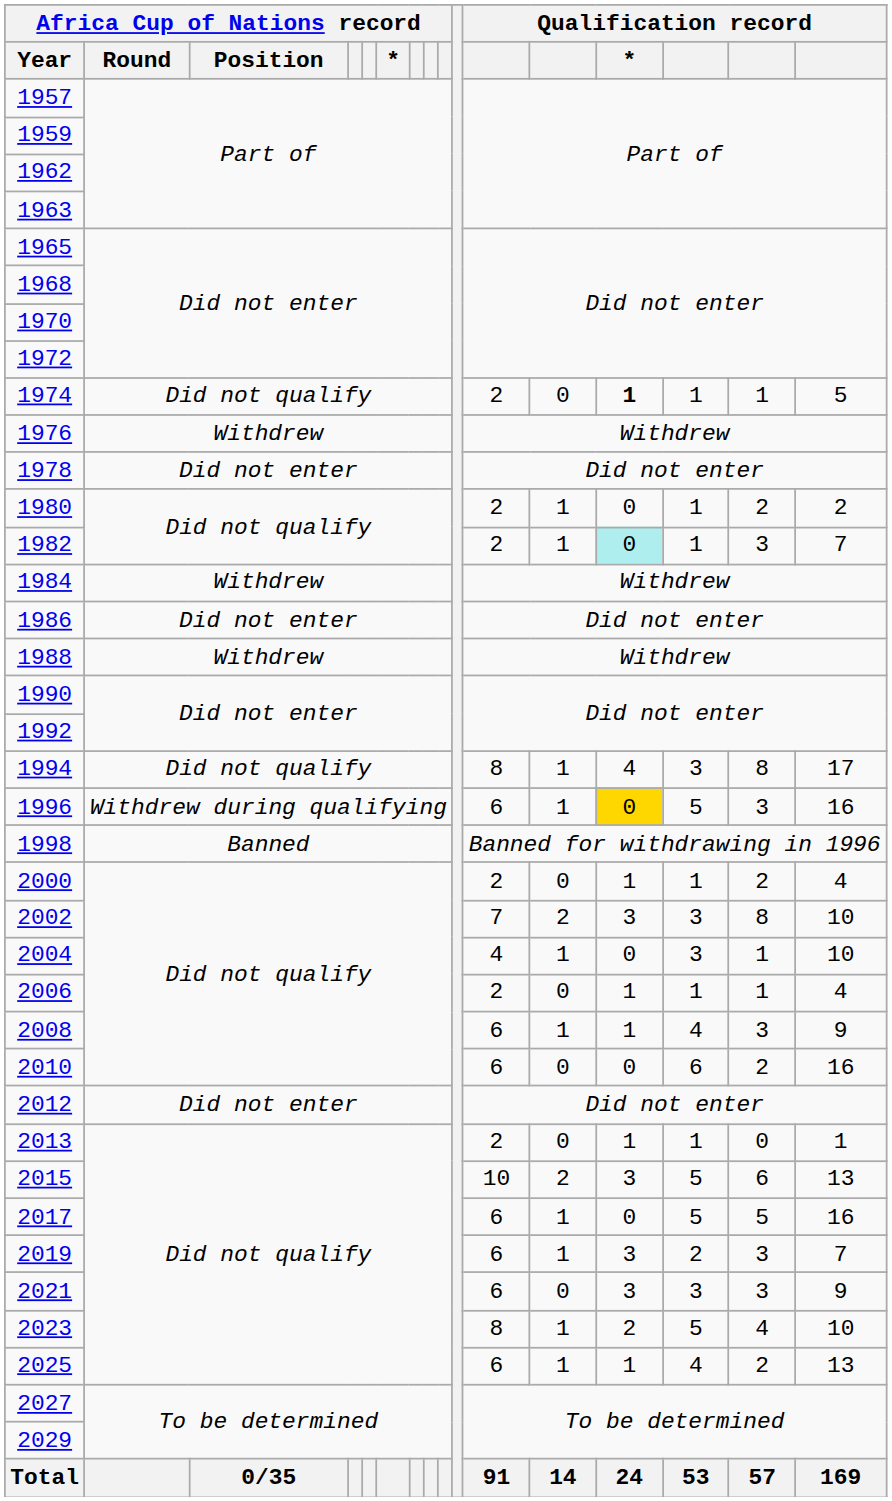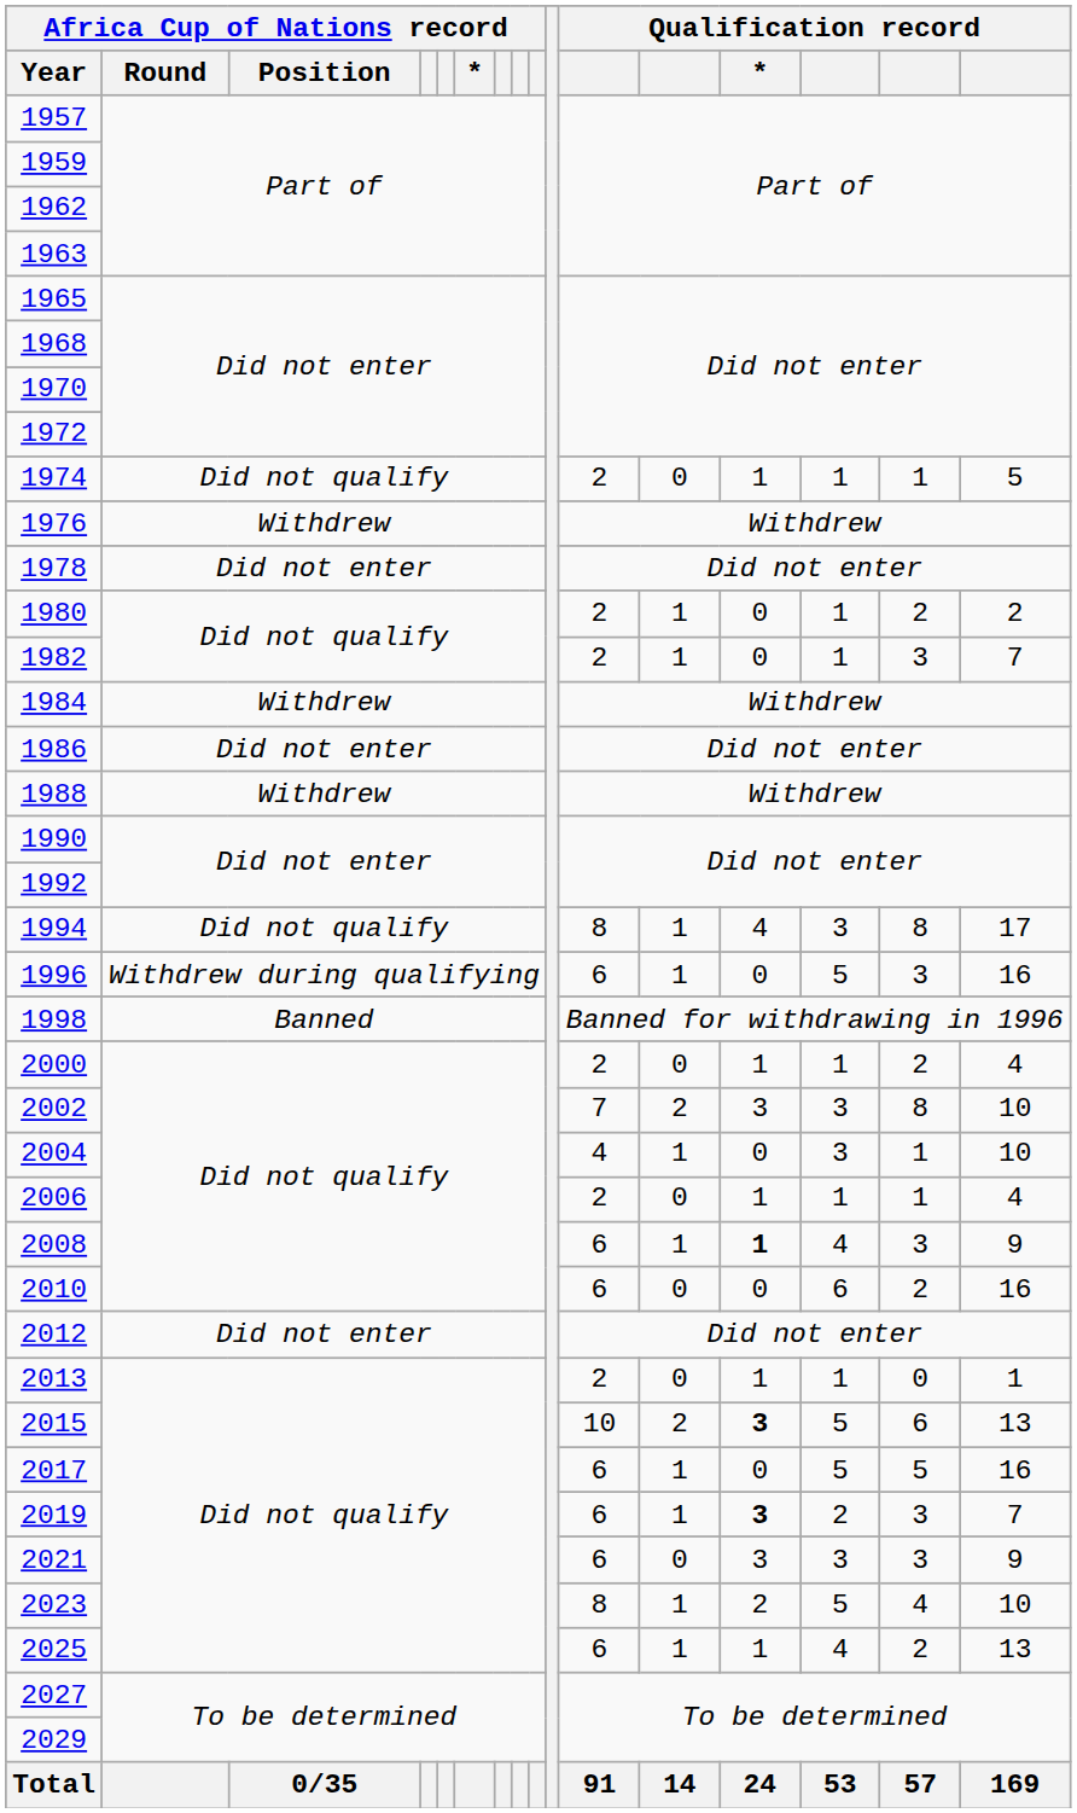 <table class="wikitable" style="text-align: center;">
 <tr>
 <th colspan=9><a href='#'>Africa Cup of Nations</a> record</th>
 <th rowspan="41"></th>
 <th colspan=6>Qualification record</th>
 </tr>
 <tr>
 <th>Year</th>
 <th>Round</th>
 <th>Position</th>
 <th></th>
 <th></th>
 <th>*</th>
 <th></th>
 <th></th>
 <th></th>
 <th></th>
 <th></th>
 <th>*</th>
 <th></th>
 <th></th>
 <th></th>
 </tr>
 <tr>
 <td> <a href='#'>1957</a></td>
 <td colspan=8 rowspan=4><em>Part of </em></td>
 <td colspan=6 rowspan=4><em>Part of </em></td>
 </tr>
 <tr>
 <td> <a href='#'>1959</a></td>
 </tr>
 <tr>
 <td> <a href='#'>1962</a></td>
 </tr>
 <tr>
 <td> <a href='#'>1963</a></td>
 </tr>
 <tr>
 <td> <a href='#'>1965</a></td>
 <td colspan=8 rowspan=4><em>Did not enter</em></td>
 <td colspan=6 rowspan=4><em>Did not enter</em></td>
 </tr>
 <tr>
 <td> <a href='#'>1968</a></td>
 </tr>
 <tr>
 <td> <a href='#'>1970</a></td>
 </tr>
 <tr>
 <td> <a href='#'>1972</a></td>
 </tr>
 <tr>
 <td> <a href='#'>1974</a></td>
 <td colspan=8><em>Did not qualify</em></td>
 <td>2</td>
 <td>0</td>
-<td><strong>1</strong></td>
+<td>1</td>
 <td>1</td>
 <td>1</td>
 <td>5</td>
 </tr>
 <tr>
 <td> <a href='#'>1976</a></td>
 <td colspan=8><em>Withdrew</em></td>
 <td colspan=6><em>Withdrew</em></td>
 </tr>
 <tr>
 <td> <a href='#'>1978</a></td>
 <td colspan=8><em>Did not enter</em></td>
 <td colspan=6><em>Did not enter</em></td>
 </tr>
 <tr>
 <td> <a href='#'>1980</a></td>
 <td rowspan=2 colspan=8><em>Did not qualify</em></td>
 <td>2</td>
 <td>1</td>
 <td>0</td>
 <td>1</td>
 <td>2</td>
 <td>2</td>
 </tr>
 <tr>
 <td> <a href='#'>1982</a></td>
 <td>2</td>
 <td>1</td>
-<td style="background: paleturquoise;">0</td>
+<td>0</td>
 <td>1</td>
 <td>3</td>
 <td>7</td>
 </tr>
 <tr>
 <td> <a href='#'>1984</a></td>
 <td colspan=8><em>Withdrew</em></td>
 <td colspan=6><em>Withdrew</em></td>
 </tr>
 <tr>
 <td> <a href='#'>1986</a></td>
 <td colspan=8><em>Did not enter</em></td>
 <td colspan=6><em>Did not enter</em></td>
 </tr>
 <tr>
 <td> <a href='#'>1988</a></td>
 <td colspan=8><em>Withdrew</em></td>
 <td colspan=6><em>Withdrew</em></td>
 </tr>
 <tr>
 <td> <a href='#'>1990</a></td>
 <td colspan=8 rowspan=2><em>Did not enter</em></td>
 <td colspan=6 rowspan=2><em>Did not enter</em></td>
 </tr>
 <tr>
 <td> <a href='#'>1992</a></td>
 </tr>
 <tr>
 <td> <a href='#'>1994</a></td>
 <td colspan=8><em>Did not qualify</em></td>
 <td>8</td>
 <td>1</td>
 <td>4</td>
 <td>3</td>
 <td>8</td>
 <td>17</td>
 </tr>
 <tr>
 <td> <a href='#'>1996</a></td>
 <td colspan=8><em>Withdrew during qualifying</em></td>
 <td>6</td>
 <td>1</td>
-<td style="background: gold;">0</td>
+<td>0</td>
 <td>5</td>
 <td>3</td>
 <td>16</td>
 </tr>
 <tr>
 <td> <a href='#'>1998</a></td>
 <td colspan=8><em>Banned</em></td>
 <td colspan=6><em>Banned for withdrawing in 1996</em></td>
 </tr>
 <tr>
 <td>  <a href='#'>2000</a></td>
 <td rowspan=6 colspan=8><em>Did not qualify</em></td>
 <td>2</td>
 <td>0</td>
 <td>1</td>
 <td>1</td>
 <td>2</td>
 <td>4</td>
 </tr>
 <tr>
 <td> <a href='#'>2002</a></td>
 <td>7</td>
 <td>2</td>
 <td>3</td>
 <td>3</td>
 <td>8</td>
 <td>10</td>
 </tr>
 <tr>
 <td> <a href='#'>2004</a></td>
 <td>4</td>
 <td>1</td>
 <td>0</td>
 <td>3</td>
 <td>1</td>
 <td>10</td>
 </tr>
 <tr>
 <td> <a href='#'>2006</a></td>
 <td>2</td>
 <td>0</td>
 <td>1</td>
 <td>1</td>
 <td>1</td>
 <td>4</td>
 </tr>
 <tr>
 <td> <a href='#'>2008</a></td>
 <td>6</td>
 <td>1</td>
-<td>1</td>
+<td><strong>1</strong></td>
 <td>4</td>
 <td>3</td>
 <td>9</td>
 </tr>
 <tr>
 <td> <a href='#'>2010</a></td>
 <td>6</td>
 <td>0</td>
 <td>0</td>
 <td>6</td>
 <td>2</td>
 <td>16</td>
 </tr>
 <tr>
 <td>  <a href='#'>2012</a></td>
 <td colspan=8><em>Did not enter</em></td>
 <td colspan=6><em>Did not enter</em></td>
 </tr>
 <tr>
 <td> <a href='#'>2013</a></td>
 <td rowspan=7 colspan=8><em>Did not qualify</em></td>
 <td>2</td>
 <td>0</td>
 <td>1</td>
 <td>1</td>
 <td>0</td>
 <td>1</td>
 </tr>
 <tr>
 <td> <a href='#'>2015</a></td>
 <td>10</td>
 <td>2</td>
-<td>3</td>
+<td><strong>3</strong></td>
 <td>5</td>
 <td>6</td>
 <td>13</td>
 </tr>
 <tr>
 <td> <a href='#'>2017</a></td>
 <td>6</td>
 <td>1</td>
 <td>0</td>
 <td>5</td>
 <td>5</td>
 <td>16</td>
 </tr>
 <tr>
 <td> <a href='#'>2019</a></td>
 <td>6</td>
 <td>1</td>
-<td>3</td>
+<td><strong>3</strong></td>
 <td>2</td>
 <td>3</td>
 <td>7</td>
 </tr>
 <tr>
 <td> <a href='#'>2021</a></td>
 <td>6</td>
 <td>0</td>
 <td>3</td>
 <td>3</td>
 <td>3</td>
 <td>9</td>
 </tr>
 <tr>
 <td> <a href='#'>2023</a></td>
 <td>8</td>
 <td>1</td>
 <td>2</td>
 <td>5</td>
 <td>4</td>
 <td>10</td>
 </tr>
 <tr>
 <td> <a href='#'>2025</a></td>
 <td>6</td>
 <td>1</td>
 <td>1</td>
 <td>4</td>
 <td>2</td>
 <td>13</td>
 </tr>
 <tr>
 <td>   <a href='#'>2027</a></td>
 <td colspan="8" rowspan="2"><em>To be determined</em></td>
 <td colspan="6" rowspan="2"><em>To be determined</em></td>
 </tr>
 <tr>
 <td> <a href='#'>2029</a></td>
 </tr>
 <tr>
 <th>Total</th>
 <th></th>
 <th>0/35</th>
 <th></th>
 <th></th>
 <th></th>
 <th></th>
 <th></th>
 <th></th>
 <th>91</th>
 <th>14</th>
 <th>24</th>
 <th>53</th>
 <th>57</th>
 <th>169</th>
 </tr>
 </table>
